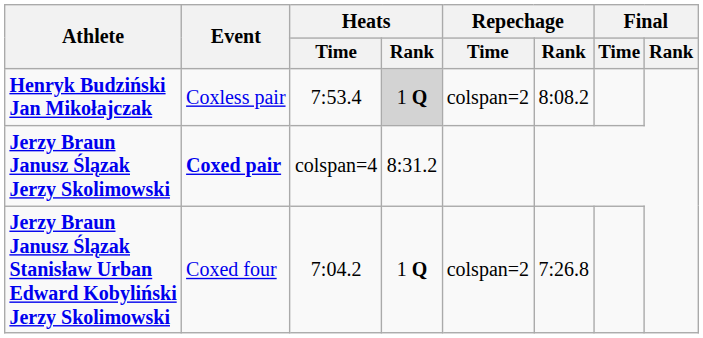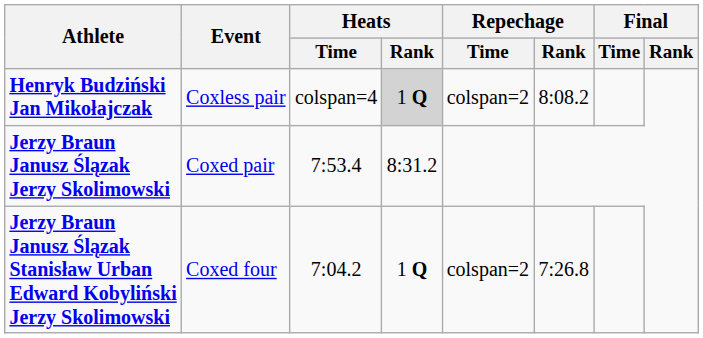 <table class="wikitable" style="font-size:90%">
 <tr>
 <th rowspan="2">Athlete</th>
 <th rowspan="2">Event</th>
 <th colspan="2">Heats</th>
 <th colspan="2">Repechage</th>
 <th colspan="2">Final</th>
 </tr>
 <tr style="font-size:95%">
 <th>Time</th>
 <th>Rank</th>
 <th>Time</th>
 <th>Rank</th>
 <th>Time</th>
 <th>Rank</th>
 </tr>
 <tr align=center>
 <td align=left><strong><a href='#'>Henryk Budziński</a><br><a href='#'>Jan Mikołajczak</a></strong></td>
 <td align=left><a href='#'>Coxless pair</a></td>
-<td>7:53.4</td>
+<td>colspan=4 </td>
 <td style="background: lightgrey;">1 <strong>Q</strong></td>
 <td>colspan=2 </td>
 <td>8:08.2</td>
 <td></td>
 </tr>
 <tr align=center>
 <td align=left><strong><a href='#'>Jerzy Braun</a><br><a href='#'>Janusz Ślązak</a><br><a href='#'>Jerzy Skolimowski</a></strong></td>
-<td align=left><strong><a href='#'>Coxed pair</a></strong></td>
-<td>colspan=4 </td>
+<td align=left><a href='#'>Coxed pair</a></td>
+<td>7:53.4</td>
 <td>8:31.2</td>
 <td></td>
 </tr>
 <tr align=center>
 <td align=left><strong><a href='#'>Jerzy Braun</a><br><a href='#'>Janusz Ślązak</a><br><a href='#'>Stanisław Urban</a><br><a href='#'>Edward Kobyliński</a><br><a href='#'>Jerzy Skolimowski</a></strong></td>
 <td align=left><a href='#'>Coxed four</a></td>
 <td>7:04.2</td>
 <td>1 <strong>Q</strong></td>
 <td>colspan=2 </td>
 <td>7:26.8</td>
 <td></td>
 </tr>
 </table>
